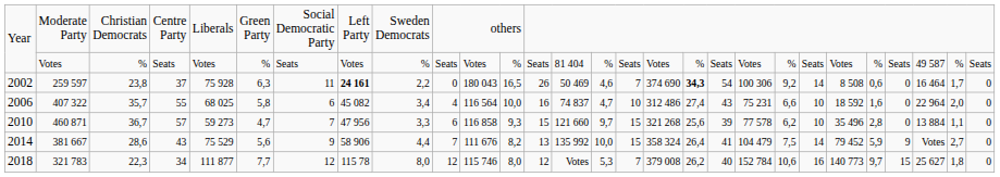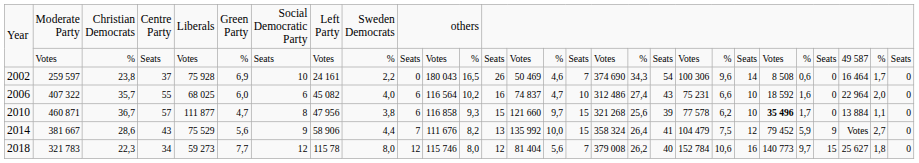 <table class="wikitable" style="margin:auto;">
 <tr style="text-align: right;">
 <td style="text-align: left; width: 50px;" rowspan="2">Year</td>
 <td style="width: 80px; background: ">Moderate Party</td>
 <td style="width: 80px; background: ">Christian Democrats</td>
 <td style="width: 80px; background: ">Centre Party</td>
 <td style="width: 80px; background: ">Liberals</td>
 <td style="width: 80px; background: ">Green Party</td>
 <td style="width: 80px; background: ">Social Democratic Party</td>
 <td style="width: 80px; background: ">Left Party</td>
 <td style="width: 80px; background: ">Sweden Democrats</td>
 <td style="width: 80px;" colspan="3">others</td>
 </tr>
 <tr>
 <td><small>Votes</small></td>
 <td ALIGN="right"><small>%</small></td>
 <td><small>Seats</small></td>
 <td><small>Votes</small></td>
 <td ALIGN="right"><small>%</small></td>
 <td><small>Seats</small></td>
 <td><small>Votes</small></td>
 <td ALIGN="right"><small>%</small></td>
 <td><small>Seats</small></td>
 <td><small>Votes</small></td>
 <td ALIGN="right"><small>%</small></td>
 <td><small>Seats</small></td>
-<td><small>81 404</small></td>
+<td><small>Votes</small></td>
 <td ALIGN="right"><small>%</small></td>
 <td><small>Seats</small></td>
 <td><small>Votes</small></td>
 <td ALIGN="right"><small>%</small></td>
 <td><small>Seats</small></td>
 <td><small>Votes</small></td>
 <td ALIGN="right"><small>%</small></td>
 <td><small>Seats</small></td>
 <td><small>Votes</small></td>
 <td ALIGN="right"><small>%</small></td>
 <td><small>Seats</small></td>
 <td><small>49 587</small></td>
 <td ALIGN="right"><small>%</small></td>
 <td><small>Seats</small></td>
 </tr>
 <tr style="text-align: right;">
 <td style="text-align: left;">2002</td>
 <td><small>259 597</small></td>
 <td><small>23,8</small></td>
 <td><small>37</small></td>
 <td><small>75 928</small></td>
-<td><small>6,3</small></td>
-<td><small>11</small></td>
-<td><strong><small>24 161</small></strong></td>
+<td><small>6,9</small></td>
+<td><small>10</small></td>
+<td><small>24 161</small></td>
 <td><small>2,2</small></td>
 <td><small>0</small></td>
 <td><small>180 043</small></td>
 <td><small>16,5</small></td>
 <td><small>26</small></td>
 <td><small>50 469</small></td>
 <td><small>4,6</small></td>
 <td><small>7</small></td>
 <td><small>374 690</small></td>
-<td><strong><small>34,3</small></strong></td>
+<td><small>34,3</small></td>
 <td><small>54</small></td>
 <td><small>100 306</small></td>
-<td><small>9,2</small></td>
+<td><small>9,6</small></td>
 <td><small>14</small></td>
 <td><small>8 508</small></td>
 <td><small>0,6</small></td>
 <td><small>0</small></td>
 <td><small>16 464</small></td>
 <td><small>1,7</small></td>
 <td><small>0</small></td>
 </tr>
 <tr style="text-align: right;">
 <td style="text-align: left;">2006</td>
 <td><small>407 322</small></td>
 <td><small>35,7</small></td>
 <td><small>55</small></td>
 <td><small>68 025</small></td>
-<td><small>5,8</small></td>
+<td><small>6,0</small></td>
 <td><small>6</small></td>
 <td><small>45 082</small></td>
-<td><small>3,4</small></td>
-<td><small>4</small></td>
+<td><small>4,0</small></td>
+<td><small>6</small></td>
 <td><small>116 564</small></td>
-<td><small>10,0</small></td>
+<td><small>10,2</small></td>
 <td><small>16</small></td>
 <td><small>74 837</small></td>
 <td><small>4,7</small></td>
 <td><small>10</small></td>
 <td><small>312 486</small></td>
 <td><small>27,4</small></td>
 <td><small>43</small></td>
 <td><small>75 231</small></td>
 <td><small>6,6</small></td>
 <td><small>10</small></td>
 <td><small>18 592</small></td>
 <td><small>1,6</small></td>
 <td><small>0</small></td>
 <td><small>22 964</small></td>
 <td><small>2,0</small></td>
 <td><small>0</small></td>
 </tr>
 <tr style="text-align: right;">
 <td style="text-align: left;">2010</td>
 <td><small>460 871</small></td>
 <td><small>36,7</small></td>
 <td><small>57</small></td>
-<td><small>59 273</small></td>
+<td><small>111 877</small></td>
 <td><small>4,7</small></td>
-<td><small>7</small></td>
+<td><small>8</small></td>
 <td><small>47 956</small></td>
-<td><small>3,3</small></td>
+<td><small>3,8</small></td>
 <td><small>6</small></td>
 <td><small>116 858</small></td>
 <td><small>9,3</small></td>
 <td><small>15</small></td>
 <td><small>121 660</small></td>
 <td><small>9,7</small></td>
 <td><small>15</small></td>
 <td><small>321 268</small></td>
 <td><small>25,6</small></td>
 <td><small>39</small></td>
 <td><small>77 578</small></td>
 <td><small>6,2</small></td>
 <td><small>10</small></td>
-<td><small>35 496</small></td>
-<td><small>2,8</small></td>
+<td><strong><small>35 496</small></strong></td>
+<td><small>1,7</small></td>
 <td><small>0</small></td>
 <td><small>13 884</small></td>
 <td><small>1,1</small></td>
 <td><small>0</small></td>
 </tr>
 <tr style="text-align: right;">
 <td style="text-align: left;">2014</td>
 <td><small>381 667</small></td>
 <td><small>28,6</small></td>
 <td><small>43</small></td>
 <td><small>75 529</small></td>
 <td><small>5,6</small></td>
 <td><small>9</small></td>
 <td><small>58 906</small></td>
 <td><small>4,4</small></td>
 <td><small>7</small></td>
 <td><small>111 676</small></td>
 <td><small>8,2</small></td>
 <td><small>13</small></td>
 <td><small>135 992</small></td>
 <td><small>10,0</small></td>
 <td><small>15</small></td>
 <td><small>358 324</small></td>
 <td><small>26,4</small></td>
 <td><small>41</small></td>
 <td><small>104 479</small></td>
 <td><small>7,5</small></td>
-<td><small>14</small></td>
+<td><small>12</small></td>
 <td><small>79 452</small></td>
 <td><small>5,9</small></td>
 <td><small>9</small></td>
 <td><small>Votes</small></td>
 <td><small>2,7</small></td>
 <td><small>0</small></td>
 </tr>
 <tr style="text-align: right;">
 <td style="text-align: left;">2018</td>
 <td><small>321 783</small></td>
 <td><small>22,3</small></td>
 <td><small>34</small></td>
-<td><small>111 877</small></td>
+<td><small>59 273</small></td>
 <td><small>7,7</small></td>
 <td><small>12</small></td>
 <td><small>115 78</small></td>
 <td><small>8,0</small></td>
 <td><small>12</small></td>
 <td><small>115 746</small></td>
 <td><small>8,0</small></td>
 <td><small>12</small></td>
-<td><small>Votes</small></td>
-<td><small>5,3</small></td>
+<td><small>81 404</small></td>
+<td><small>5,6</small></td>
 <td><small>7</small></td>
 <td><small>379 008</small></td>
 <td><small>26,2</small></td>
 <td><small>40</small></td>
 <td><small>152 784</small></td>
 <td><small>10,6</small></td>
 <td><small>16</small></td>
 <td><small>140 773</small></td>
 <td><small>9,7</small></td>
 <td><small>15</small></td>
 <td><small>25 627</small></td>
 <td><small>1,8</small></td>
 <td><small>0</small></td>
 </tr>
 </table>
